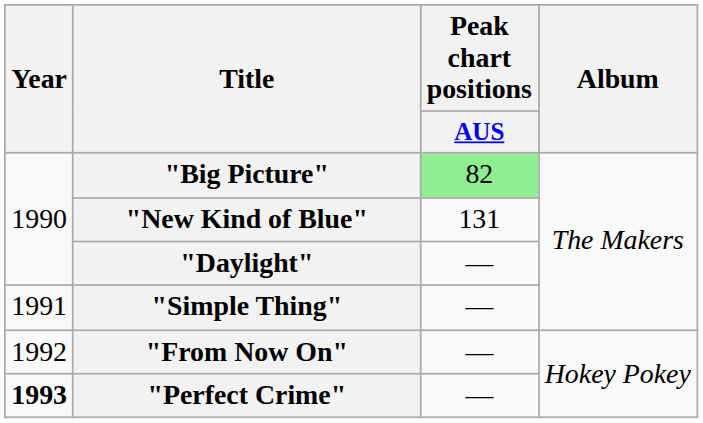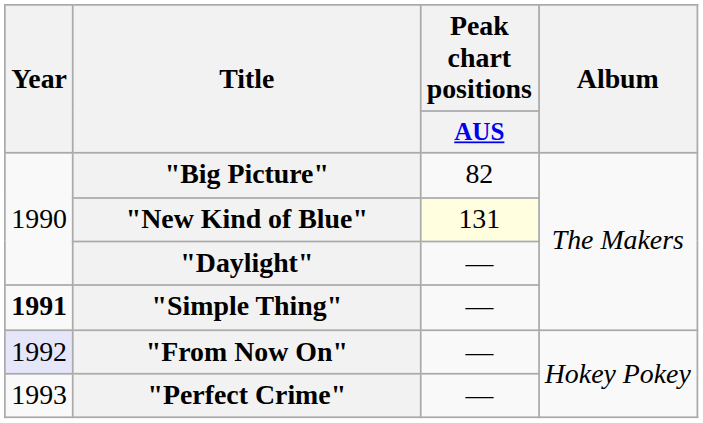 <table class="wikitable plainrowheaders" style="text-align:center;" border="1">
 <tr>
 <th scope="col" rowspan="2">Year</th>
 <th scope="col" rowspan="2" style="width:12em;">Title</th>
 <th scope="col" colspan="1">Peak chart<br>positions</th>
 <th scope="col" rowspan="2">Album</th>
 </tr>
 <tr>
 <th scope="col" style="width:3em; font-size:90%"><a href='#'>AUS</a><br></th>
 </tr>
 <tr>
 <td rowspan="3">1990</td>
 <th scope="row">"Big Picture"</th>
-<td style="background: lightgreen;">82</td>
+<td>82</td>
 <td rowspan="4"><em>The Makers</em></td>
 </tr>
 <tr>
 <th scope="row">"New Kind of Blue"</th>
-<td>131</td>
+<td style="background: lightyellow;">131</td>
 </tr>
 <tr>
 <th scope="row">"Daylight"</th>
 <td>—</td>
 </tr>
 <tr>
-<td>1991</td>
+<td><strong>1991</strong></td>
 <th scope="row">"Simple Thing"</th>
 <td>—</td>
 </tr>
 <tr>
-<td>1992</td>
+<td style="background: lavender;">1992</td>
 <th scope="row">"From Now On"</th>
 <td>—</td>
 <td rowspan="2"><em>Hokey Pokey</em></td>
 </tr>
 <tr>
-<td><strong>1993</strong></td>
+<td>1993</td>
 <th scope="row">"Perfect Crime"</th>
 <td>—</td>
 </tr>
 </table>
